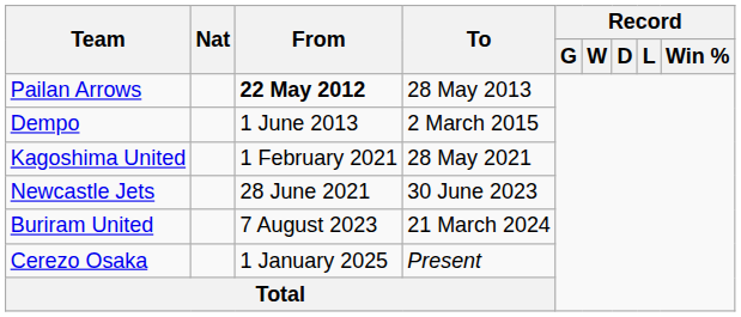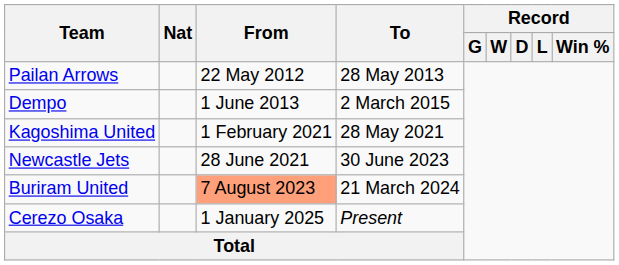 <table class="wikitable" style="text-align: center">
 <tr>
 <th rowspan="2">Team</th>
 <th rowspan="2">Nat</th>
 <th rowspan="2">From</th>
 <th rowspan="2">To</th>
 <th colspan="5">Record</th>
 </tr>
 <tr>
 <th>G</th>
 <th>W</th>
 <th>D</th>
 <th>L</th>
 <th>Win %</th>
 </tr>
 <tr>
 <td align=left><a href='#'>Pailan Arrows</a></td>
 <td></td>
-<td align=left><strong>22 May 2012</strong></td>
+<td align=left>22 May 2012</td>
 <td align=left>28 May 2013<br></td>
 </tr>
 <tr>
 <td align=left><a href='#'>Dempo</a></td>
 <td></td>
 <td align=left>1 June 2013</td>
 <td align=left>2 March 2015<br></td>
 </tr>
 <tr>
 <td align=left><a href='#'>Kagoshima United</a></td>
 <td></td>
 <td align=left>1 February 2021</td>
 <td align=left>28 May 2021<br></td>
 </tr>
 <tr>
 <td align=left><a href='#'>Newcastle Jets</a></td>
 <td></td>
 <td align=left>28 June 2021</td>
 <td align=left>30 June 2023<br></td>
 </tr>
 <tr>
 <td align=left><a href='#'>Buriram United</a></td>
 <td></td>
-<td align=left>7 August 2023</td>
+<td align=left style="background: lightsalmon;">7 August 2023</td>
 <td align=left>21 March 2024<br></td>
 </tr>
 <tr>
 <td align=left><a href='#'>Cerezo Osaka</a></td>
 <td></td>
 <td align=left>1 January 2025</td>
 <td align=left><em>Present</em><br></td>
 </tr>
 <tr>
 <th colspan="4">Total<br></th>
 </tr>
 </table>
